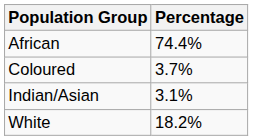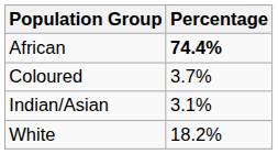 <table class="wikitable">
 <tr>
 <th>Population Group</th>
 <th>Percentage</th>
 </tr>
 <tr>
 <td>African</td>
-<td>74.4%</td>
+<td><strong>74.4%</strong></td>
 </tr>
 <tr>
 <td>Coloured</td>
 <td>3.7%</td>
 </tr>
 <tr>
 <td>Indian/Asian</td>
 <td>3.1%</td>
 </tr>
 <tr>
 <td>White</td>
 <td>18.2%</td>
 </tr>
 </table>
